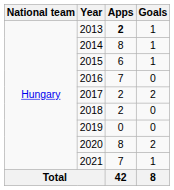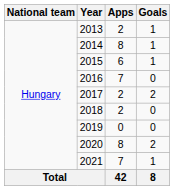 <table class="wikitable" style="text-align:center">
 <tr>
 <th>National team</th>
 <th>Year</th>
 <th>Apps</th>
 <th>Goals</th>
 </tr>
 <tr>
 <td rowspan="9"><a href='#'>Hungary</a></td>
 <td>2013</td>
-<td><strong>2</strong></td>
+<td>2</td>
 <td>1</td>
 </tr>
 <tr>
 <td>2014</td>
 <td>8</td>
 <td>1</td>
 </tr>
 <tr>
 <td>2015</td>
 <td>6</td>
 <td>1</td>
 </tr>
 <tr>
 <td>2016</td>
 <td>7</td>
 <td>0</td>
 </tr>
 <tr>
 <td>2017</td>
 <td>2</td>
 <td>2</td>
 </tr>
 <tr>
 <td>2018</td>
 <td>2</td>
 <td>0</td>
 </tr>
 <tr>
 <td>2019</td>
 <td>0</td>
 <td>0</td>
 </tr>
 <tr>
 <td>2020</td>
 <td>8</td>
 <td>2</td>
 </tr>
 <tr>
 <td>2021</td>
 <td>7</td>
 <td>1</td>
 </tr>
 <tr>
 <th colspan="2">Total</th>
 <th>42</th>
 <th>8</th>
 </tr>
 </table>
